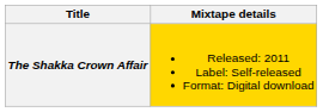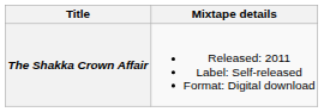 <table class="wikitable plainrowheaders" style="text-align:center;">
 <tr>
 <th scope="col">Title</th>
 <th scope="col">Mixtape details</th>
 </tr>
 <tr>
 <th scope="row"><em>The Shakka Crown Affair</em></th>
-<td style="background: gold;"><br><ul><li>Released: 2011</li><li>Label: Self-released</li><li>Format: Digital download</li></ul></td>
+<td><br><ul><li>Released: 2011</li><li>Label: Self-released</li><li>Format: Digital download</li></ul></td>
 </tr>
 </table>
